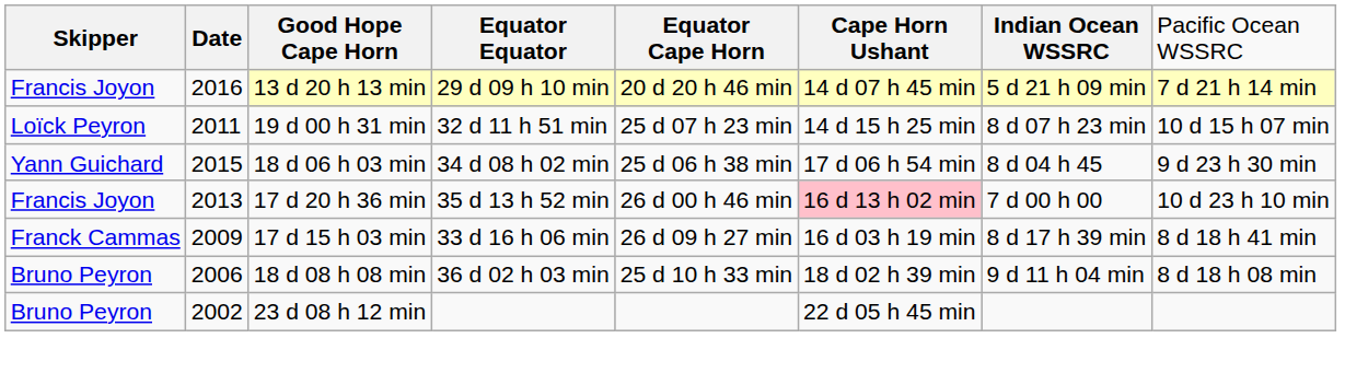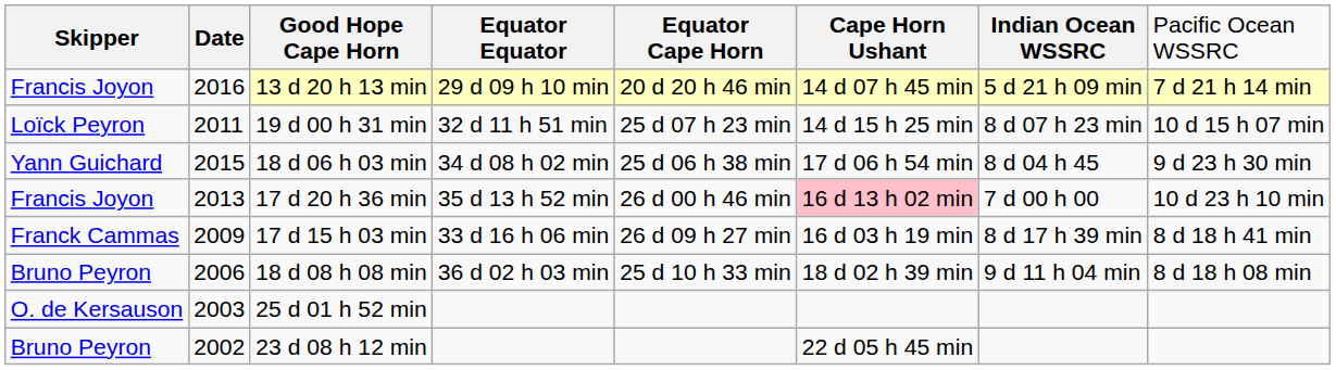 <table class="wikitable alternance sortable " style="font-size:14px">
 <tr>
 <th>Skipper</th>
 <th>Date</th>
 <th>Good Hope<br>Cape Horn</th>
 <th>Equator<br>Equator</th>
 <th>Equator<br>Cape Horn</th>
 <th>Cape Horn<br>Ushant</th>
 <th>Indian Ocean<br>WSSRC</th>
 <td>Pacific Ocean<br>WSSRC</td>
 </tr>
 <tr>
 <td><a href='#'>Francis Joyon</a></td>
 <td>2016</td>
 <td style="background:#ffffbf;">13 d 20 h 13 min</td>
 <td style="background:#ffffbf;">29 d 09 h 10 min</td>
 <td style="background:#ffffbf;">20 d 20 h 46 min</td>
 <td style="background:#ffffbf;">14 d 07 h 45 min</td>
 <td style="background:#ffffbf;">5 d 21 h 09 min</td>
 <td style="background:#ffffbf;">7 d 21 h 14 min</td>
 </tr>
 <tr>
 <td><a href='#'>Loïck Peyron</a></td>
 <td>2011</td>
 <td>19 d 00 h 31 min</td>
 <td>32 d 11 h 51 min</td>
 <td>25 d 07 h 23 min</td>
 <td>14 d 15 h 25 min</td>
 <td>8 d 07 h 23 min</td>
 <td>10 d 15 h 07 min</td>
 </tr>
 <tr>
 <td><a href='#'>Yann Guichard</a></td>
 <td>2015</td>
 <td>18 d 06 h 03 min</td>
 <td>34 d 08 h 02 min</td>
 <td>25 d 06 h 38 min</td>
 <td>17 d 06 h 54 min</td>
 <td>8 d 04 h 45</td>
 <td>9 d 23 h 30 min</td>
 </tr>
 <tr>
 <td><a href='#'>Francis Joyon</a></td>
 <td>2013</td>
 <td>17 d 20 h 36 min</td>
 <td>35 d 13 h 52 min</td>
 <td>26 d 00 h 46 min</td>
 <td style="background: pink;">16 d 13 h 02 min</td>
 <td>7 d 00 h 00</td>
 <td>10 d 23 h 10 min</td>
 </tr>
 <tr>
 <td><a href='#'>Franck Cammas</a></td>
 <td>2009</td>
 <td>17 d 15 h 03 min</td>
 <td>33 d 16 h 06 min</td>
 <td>26 d 09 h 27 min</td>
 <td>16 d 03 h 19 min</td>
 <td>8 d 17 h 39 min</td>
 <td>8 d 18 h 41 min</td>
 </tr>
 <tr>
 <td><a href='#'>Bruno Peyron</a></td>
 <td>2006</td>
 <td>18 d 08 h 08 min</td>
 <td>36 d 02 h 03 min</td>
 <td>25 d 10 h 33 min</td>
 <td>18 d 02 h 39 min</td>
 <td>9 d 11 h 04 min</td>
 <td>8 d 18 h 08 min</td>
 </tr>
 <tr>
+<td><a href='#'>O. de Kersauson</a></td>
+<td>2003</td>
+<td>25 d 01 h 52 min</td>
+<td></td>
+<td></td>
+<td></td>
+<td></td>
+<td></td>
+</tr>
+<tr>
 <td><a href='#'>Bruno Peyron</a></td>
 <td>2002</td>
 <td>23 d 08 h 12 min</td>
 <td></td>
 <td></td>
 <td>22 d 05 h 45 min</td>
 <td></td>
 <td></td>
 </tr>
 </table>
